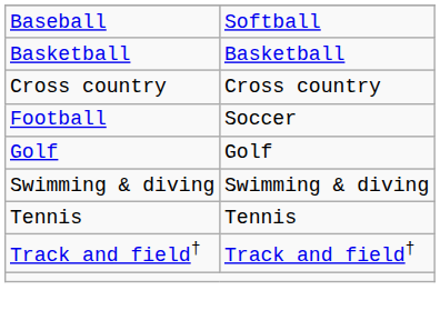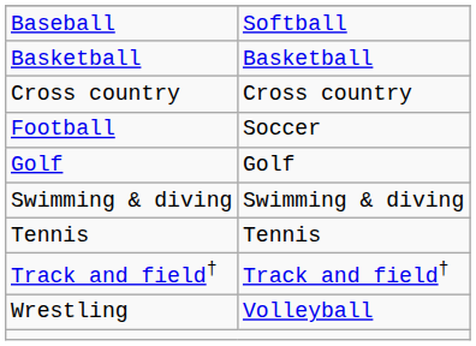 <table class="wikitable" style=" ">
 <tr>
 </tr>
 <tr>
 <td><a href='#'>Baseball</a></td>
 <td><a href='#'>Softball</a></td>
 </tr>
 <tr>
 <td><a href='#'>Basketball</a></td>
 <td><a href='#'>Basketball</a></td>
 </tr>
 <tr>
 <td>Cross country</td>
 <td>Cross country</td>
 </tr>
 <tr>
 <td><a href='#'>Football</a></td>
 <td>Soccer</td>
 </tr>
 <tr>
 <td><a href='#'>Golf</a></td>
 <td>Golf</td>
 </tr>
 <tr>
 <td>Swimming & diving</td>
 <td>Swimming & diving</td>
 </tr>
 <tr>
 <td>Tennis</td>
 <td>Tennis</td>
 </tr>
 <tr>
 <td><a href='#'>Track and field</a><sup>†</sup></td>
 <td><a href='#'>Track and field</a><sup>†</sup></td>
 </tr>
 <tr>
+<td>Wrestling</td>
+<td><a href='#'>Volleyball</a></td>
+</tr>
+<tr>
 <td colspan="2"></td>
 </tr>
 </table>
